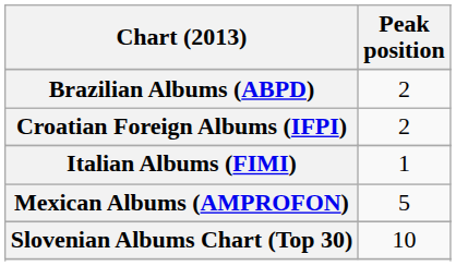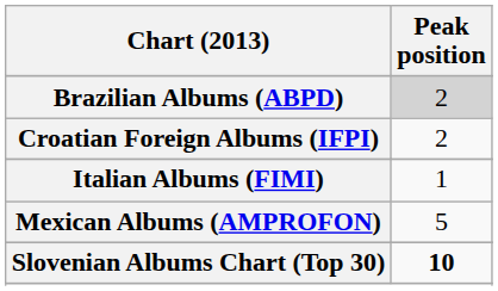 <table class="wikitable sortable plainrowheaders">
 <tr>
 <th scope="col">Chart (2013)</th>
 <th scope="col">Peak<br>position</th>
 </tr>
 <tr>
 </tr>
 <tr>
 </tr>
 <tr>
 <th scope="row">Brazilian Albums (<a href='#'>ABPD</a>)</th>
-<td style="text-align:center;">2</td>
+<td style="background: lightgrey; text-align:center;">2</td>
 </tr>
 <tr>
 <th scope="row">Croatian Foreign Albums (<a href='#'>IFPI</a>)</th>
 <td style="text-align:center;">2</td>
 </tr>
 <tr>
 </tr>
 <tr>
 </tr>
 <tr>
 <th scope="row">Italian Albums (<a href='#'>FIMI</a>)</th>
 <td style="text-align:center;">1</td>
 </tr>
 <tr>
 <th scope="row">Mexican Albums (<a href='#'>AMPROFON</a>)</th>
 <td style="text-align:center;">5</td>
 </tr>
 <tr>
 </tr>
 <tr>
 <th scope="row">Slovenian Albums Chart (Top 30)</th>
-<td style="text-align:center;">10</td>
+<td style="text-align:center;"><strong>10</strong></td>
 </tr>
 <tr>
 </tr>
 <tr>
 </tr>
 <tr>
 </tr>
 </table>
